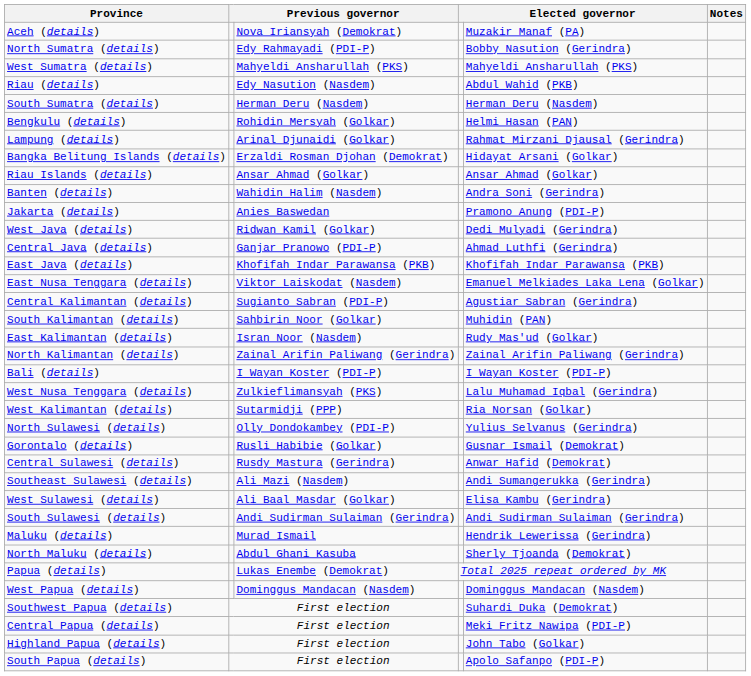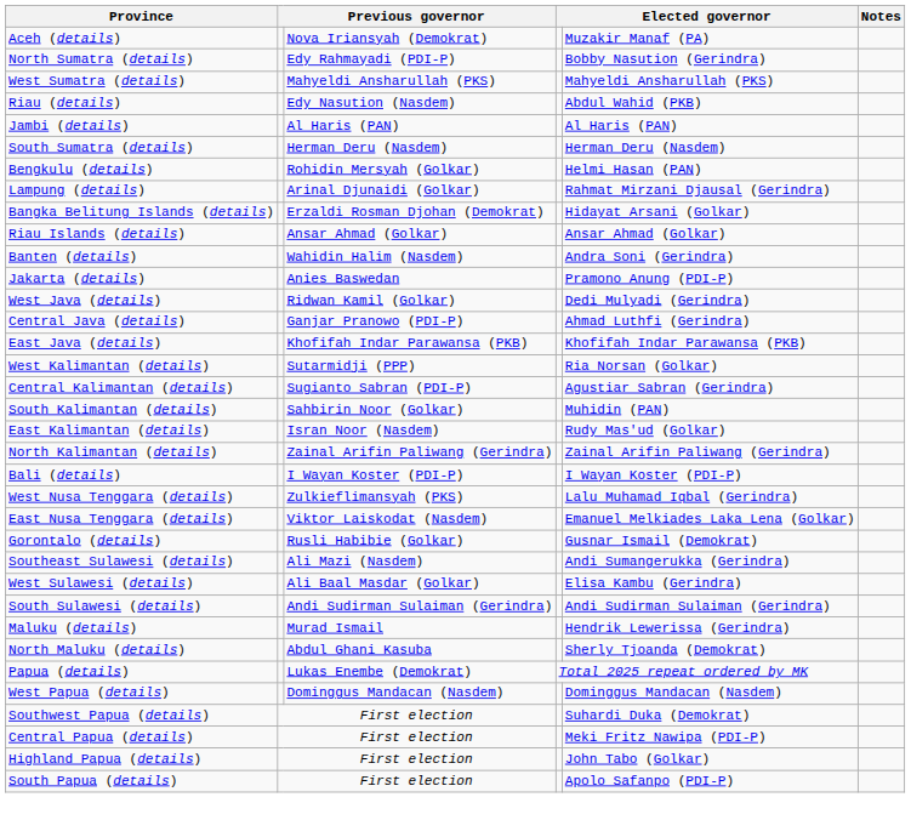 <table class="wikitable">
 <tr>
 <th>Province</th>
 <th colspan=2>Previous governor</th>
 <th colspan=2>Elected governor</th>
 <th>Notes</th>
 </tr>
 <tr>
 <td><a href='#'>Aceh</a> (<a href='#'><em>details</em></a>)</td>
 <td style="background:"></td>
 <td><a href='#'>Nova Iriansyah</a> (<a href='#'>Demokrat</a>)</td>
 <td style="background:"></td>
 <td><a href='#'>Muzakir Manaf</a> (<a href='#'>PA</a>)</td>
 <td></td>
 </tr>
 <tr>
 <td><a href='#'>North Sumatra</a> (<a href='#'><em>details</em></a>)</td>
 <td style="background:"></td>
 <td><a href='#'>Edy Rahmayadi</a> (<a href='#'>PDI-P</a>)</td>
 <td style="background:"></td>
 <td><a href='#'>Bobby Nasution</a> (<a href='#'>Gerindra</a>)</td>
 <td></td>
 </tr>
 <tr>
 <td><a href='#'>West Sumatra</a> (<a href='#'><em>details</em></a>)</td>
 <td style="background:"></td>
 <td><a href='#'>Mahyeldi Ansharullah</a> (<a href='#'>PKS</a>)</td>
 <td style="background:"></td>
 <td><a href='#'>Mahyeldi Ansharullah</a> (<a href='#'>PKS</a>)</td>
 <td></td>
 </tr>
 <tr>
 <td><a href='#'>Riau</a> (<a href='#'><em>details</em></a>)</td>
 <td style="background:"></td>
 <td><a href='#'>Edy Nasution</a> (<a href='#'>Nasdem</a>)</td>
 <td style="background:"></td>
 <td><a href='#'>Abdul Wahid</a> (<a href='#'>PKB</a>)</td>
+<td></td>
+</tr>
+<tr>
+<td><a href='#'>Jambi</a> (<a href='#'><em>details</em></a>)</td>
+<td style="background:"></td>
+<td><a href='#'>Al Haris</a> (<a href='#'>PAN</a>)</td>
+<td style="background:"></td>
+<td><a href='#'>Al Haris</a> (<a href='#'>PAN</a>)</td>
 <td></td>
 </tr>
 <tr>
 <td><a href='#'>South Sumatra</a> (<a href='#'><em>details</em></a>)</td>
 <td style="background:"></td>
 <td><a href='#'>Herman Deru</a> (<a href='#'>Nasdem</a>)</td>
 <td style="background:"></td>
 <td><a href='#'>Herman Deru</a> (<a href='#'>Nasdem</a>)</td>
 <td></td>
 </tr>
 <tr>
 <td><a href='#'>Bengkulu</a> (<a href='#'><em>details</em></a>)</td>
 <td style="background:"></td>
 <td><a href='#'>Rohidin Mersyah</a> (<a href='#'>Golkar</a>)</td>
 <td style="background:"></td>
 <td><a href='#'>Helmi Hasan</a> (<a href='#'>PAN</a>)</td>
 <td></td>
 </tr>
 <tr>
 <td><a href='#'>Lampung</a> (<a href='#'><em>details</em></a>)</td>
 <td style="background:"></td>
 <td><a href='#'>Arinal Djunaidi</a> (<a href='#'>Golkar</a>)</td>
 <td style="background:"></td>
 <td><a href='#'>Rahmat Mirzani Djausal</a> (<a href='#'>Gerindra</a>)</td>
 <td></td>
 </tr>
 <tr>
 <td><a href='#'>Bangka Belitung Islands</a> (<a href='#'><em>details</em></a>)</td>
 <td style="background:"></td>
 <td><a href='#'>Erzaldi Rosman Djohan</a> (<a href='#'>Demokrat</a>)</td>
 <td style="background:"></td>
 <td><a href='#'>Hidayat Arsani</a> (<a href='#'>Golkar</a>)</td>
 <td></td>
 </tr>
 <tr>
 <td><a href='#'>Riau Islands</a> (<a href='#'><em>details</em></a>)</td>
 <td style="background:"></td>
 <td><a href='#'>Ansar Ahmad</a> (<a href='#'>Golkar</a>)</td>
 <td style="background:"></td>
 <td><a href='#'>Ansar Ahmad</a> (<a href='#'>Golkar</a>)</td>
 <td></td>
 </tr>
 <tr>
 <td><a href='#'>Banten</a> (<em><a href='#'>details</a></em>)</td>
 <td style="background:"></td>
 <td><a href='#'>Wahidin Halim</a> (<a href='#'>Nasdem</a>)</td>
 <td style="background:"></td>
 <td><a href='#'>Andra Soni</a> (<a href='#'>Gerindra</a>)</td>
 <td></td>
 </tr>
 <tr>
 <td><a href='#'>Jakarta</a> (<a href='#'><em>details</em></a>)</td>
 <td style="background:"></td>
 <td><a href='#'>Anies Baswedan</a></td>
 <td style="background:"></td>
 <td><a href='#'>Pramono Anung</a> (<a href='#'>PDI-P</a>)</td>
 <td></td>
 </tr>
 <tr>
 <td><a href='#'>West Java</a> (<a href='#'><em>details</em></a>)</td>
 <td style="background:"></td>
 <td><a href='#'>Ridwan Kamil</a> (<a href='#'>Golkar</a>)</td>
 <td style="background:"></td>
 <td><a href='#'>Dedi Mulyadi</a> (<a href='#'>Gerindra</a>)</td>
 <td></td>
 </tr>
 <tr>
 <td><a href='#'>Central Java</a> (<a href='#'><em>details</em></a>)</td>
 <td style="background:"></td>
 <td><a href='#'>Ganjar Pranowo</a> (<a href='#'>PDI-P</a>)</td>
 <td style="background:"></td>
 <td><a href='#'>Ahmad Luthfi</a> (<a href='#'>Gerindra</a>)</td>
 <td></td>
 </tr>
 <tr>
 <td><a href='#'>East Java</a> (<a href='#'><em>details</em></a>)</td>
 <td style="background:"></td>
 <td><a href='#'>Khofifah Indar Parawansa</a> (<a href='#'>PKB</a>)</td>
 <td style="background:"></td>
 <td><a href='#'>Khofifah Indar Parawansa</a> (<a href='#'>PKB</a>)</td>
 <td></td>
 </tr>
 <tr>
-<td><a href='#'>East Nusa Tenggara</a> (<a href='#'><em>details</em></a>)</td>
+<td><a href='#'>West Kalimantan</a> (<a href='#'><em>details</em></a>)</td>
 <td style="background:"></td>
-<td><a href='#'>Viktor Laiskodat</a> (<a href='#'>Nasdem</a>)</td>
+<td><a href='#'>Sutarmidji</a> (<a href='#'>PPP</a>)</td>
 <td style="background:"></td>
-<td><a href='#'>Emanuel Melkiades Laka Lena</a> (<a href='#'>Golkar</a>)</td>
+<td><a href='#'>Ria Norsan</a> (<a href='#'>Golkar</a>)</td>
 <td></td>
 </tr>
 <tr>
 <td><a href='#'>Central Kalimantan</a> (<a href='#'><em>details</em></a>)</td>
 <td style="background:"></td>
 <td><a href='#'>Sugianto Sabran</a> (<a href='#'>PDI-P</a>)</td>
 <td style="background:"></td>
 <td><a href='#'>Agustiar Sabran</a> (<a href='#'>Gerindra</a>)</td>
 <td></td>
 </tr>
 <tr>
 <td><a href='#'>South Kalimantan</a> (<a href='#'><em>details</em></a>)</td>
 <td style="background:"></td>
 <td><a href='#'>Sahbirin Noor</a> (<a href='#'>Golkar</a>)</td>
 <td style="background:"></td>
 <td><a href='#'>Muhidin</a> (<a href='#'>PAN</a>)</td>
 <td></td>
 </tr>
 <tr>
 <td><a href='#'>East Kalimantan</a> (<a href='#'><em>details</em></a>)</td>
 <td style="background:"></td>
 <td><a href='#'>Isran Noor</a> (<a href='#'>Nasdem</a>)</td>
 <td style="background:"></td>
 <td><a href='#'>Rudy Mas'ud</a> (<a href='#'>Golkar</a>)</td>
 <td></td>
 </tr>
 <tr>
 <td><a href='#'>North Kalimantan</a> (<a href='#'><em>details</em></a>)</td>
 <td style="background:"></td>
 <td><a href='#'>Zainal Arifin Paliwang</a> (<a href='#'>Gerindra</a>)</td>
 <td style="background:"></td>
 <td><a href='#'>Zainal Arifin Paliwang</a> (<a href='#'>Gerindra</a>)</td>
 <td></td>
 </tr>
 <tr>
 <td><a href='#'>Bali</a> (<a href='#'><em>details</em></a>)</td>
 <td style="background:"></td>
 <td><a href='#'>I Wayan Koster</a> (<a href='#'>PDI-P</a>)</td>
 <td style="background:"></td>
 <td><a href='#'>I Wayan Koster</a> (<a href='#'>PDI-P</a>)</td>
 <td></td>
 </tr>
 <tr>
 <td><a href='#'>West Nusa Tenggara</a> (<a href='#'><em>details</em></a>)</td>
 <td style="background:"></td>
 <td><a href='#'>Zulkieflimansyah</a> (<a href='#'>PKS</a>)</td>
 <td style="background:"></td>
 <td><a href='#'>Lalu Muhamad Iqbal</a> (<a href='#'>Gerindra</a>)</td>
 <td></td>
 </tr>
 <tr>
-<td><a href='#'>West Kalimantan</a> (<a href='#'><em>details</em></a>)</td>
+<td><a href='#'>East Nusa Tenggara</a> (<a href='#'><em>details</em></a>)</td>
 <td style="background:"></td>
-<td><a href='#'>Sutarmidji</a> (<a href='#'>PPP</a>)</td>
+<td><a href='#'>Viktor Laiskodat</a> (<a href='#'>Nasdem</a>)</td>
 <td style="background:"></td>
-<td><a href='#'>Ria Norsan</a> (<a href='#'>Golkar</a>)</td>
-<td></td>
-</tr>
-<tr>
-<td><a href='#'>North Sulawesi</a> (<a href='#'><em>details</em></a>)</td>
-<td style="background:"></td>
-<td><a href='#'>Olly Dondokambey</a> (<a href='#'>PDI-P</a>)</td>
-<td style="background:"></td>
-<td><a href='#'>Yulius Selvanus</a> (<a href='#'>Gerindra</a>)</td>
+<td><a href='#'>Emanuel Melkiades Laka Lena</a> (<a href='#'>Golkar</a>)</td>
 <td></td>
 </tr>
 <tr>
 <td><a href='#'>Gorontalo</a> (<a href='#'><em>details</em></a>)</td>
 <td style="background:"></td>
 <td><a href='#'>Rusli Habibie</a> (<a href='#'>Golkar</a>)</td>
 <td style="background:"></td>
 <td><a href='#'>Gusnar Ismail</a> (<a href='#'>Demokrat</a>)</td>
-<td></td>
-</tr>
-<tr>
-<td><a href='#'>Central Sulawesi</a> (<a href='#'><em>details</em></a>)</td>
-<td style="background:"></td>
-<td><a href='#'>Rusdy Mastura</a> (<a href='#'>Gerindra</a>)</td>
-<td style="background:"></td>
-<td><a href='#'>Anwar Hafid</a> (<a href='#'>Demokrat</a>)</td>
 <td></td>
 </tr>
 <tr>
 <td><a href='#'>Southeast Sulawesi</a> (<a href='#'><em>details</em></a>)</td>
 <td style="background:"></td>
 <td><a href='#'>Ali Mazi</a> (<a href='#'>Nasdem</a>)</td>
 <td style="background:"></td>
 <td><a href='#'>Andi Sumangerukka</a> (<a href='#'>Gerindra</a>)</td>
 <td></td>
 </tr>
 <tr>
 <td><a href='#'>West Sulawesi</a> (<a href='#'><em>details</em></a>)</td>
 <td style="background:"></td>
 <td><a href='#'>Ali Baal Masdar</a> (<a href='#'>Golkar</a>)</td>
 <td style="background:"></td>
 <td><a href='#'>Elisa Kambu</a> (<a href='#'>Gerindra</a>)</td>
 <td></td>
 </tr>
 <tr>
 <td><a href='#'>South Sulawesi</a> (<a href='#'><em>details</em></a>)</td>
 <td style="background:"></td>
 <td><a href='#'>Andi Sudirman Sulaiman</a> (<a href='#'>Gerindra</a>)</td>
 <td style="background:"></td>
 <td><a href='#'>Andi Sudirman Sulaiman</a> (<a href='#'>Gerindra</a>)</td>
 <td></td>
 </tr>
 <tr>
 <td><a href='#'>Maluku</a> (<a href='#'><em>details</em></a>)</td>
 <td style="background:"></td>
 <td><a href='#'>Murad Ismail</a></td>
 <td style="background:"></td>
 <td><a href='#'>Hendrik Lewerissa</a> (<a href='#'>Gerindra</a>)</td>
 <td></td>
 </tr>
 <tr>
 <td><a href='#'>North Maluku</a> (<a href='#'><em>details</em></a>)</td>
 <td style="background:"></td>
 <td><a href='#'>Abdul Ghani Kasuba</a></td>
 <td style="background:"></td>
 <td><a href='#'>Sherly Tjoanda</a> (<a href='#'>Demokrat</a>)</td>
 <td></td>
 </tr>
 <tr>
 <td><a href='#'>Papua</a> (<a href='#'><em>details</em></a>)</td>
 <td style="background:"></td>
 <td><a href='#'>Lukas Enembe</a> (<a href='#'>Demokrat</a>)</td>
 <td colspan=2><em><a href='#'>Total 2025 repeat ordered by MK</a></em></td>
 <td></td>
 </tr>
 <tr>
 <td><a href='#'>West Papua</a> (<a href='#'><em>details</em></a>)</td>
 <td style="background:"></td>
 <td><a href='#'>Dominggus Mandacan</a> (<a href='#'>Nasdem</a>)</td>
 <td style="background:"></td>
 <td><a href='#'>Dominggus Mandacan</a> (<a href='#'>Nasdem</a>)</td>
 <td></td>
 </tr>
 <tr>
 <td><a href='#'>Southwest Papua</a> (<a href='#'><em>details</em></a>)</td>
 <td colspan=2 align="center"><em>First election</em></td>
 <td style="background:"></td>
 <td><a href='#'>Suhardi Duka</a> (<a href='#'>Demokrat</a>)</td>
 <td></td>
 </tr>
 <tr>
 <td><a href='#'>Central Papua</a> (<a href='#'><em>details</em></a>)</td>
 <td colspan=2 align="center"><em>First election</em></td>
 <td style="background:"></td>
 <td><a href='#'>Meki Fritz Nawipa</a> (<a href='#'>PDI-P</a>)</td>
 <td></td>
 </tr>
 <tr>
 <td><a href='#'>Highland Papua</a> (<a href='#'><em>details</em></a>)</td>
 <td colspan=2 align="center"><em>First election</em></td>
 <td style="background:"></td>
 <td><a href='#'>John Tabo</a> (<a href='#'>Golkar</a>)</td>
 <td></td>
 </tr>
 <tr>
 <td><a href='#'>South Papua</a> (<em><a href='#'>details</a></em>)</td>
 <td colspan=2 align="center"><em>First election</em></td>
 <td style="background:"></td>
 <td><a href='#'>Apolo Safanpo</a> (<a href='#'>PDI-P</a>)</td>
 <td></td>
 </tr>
 </table>
